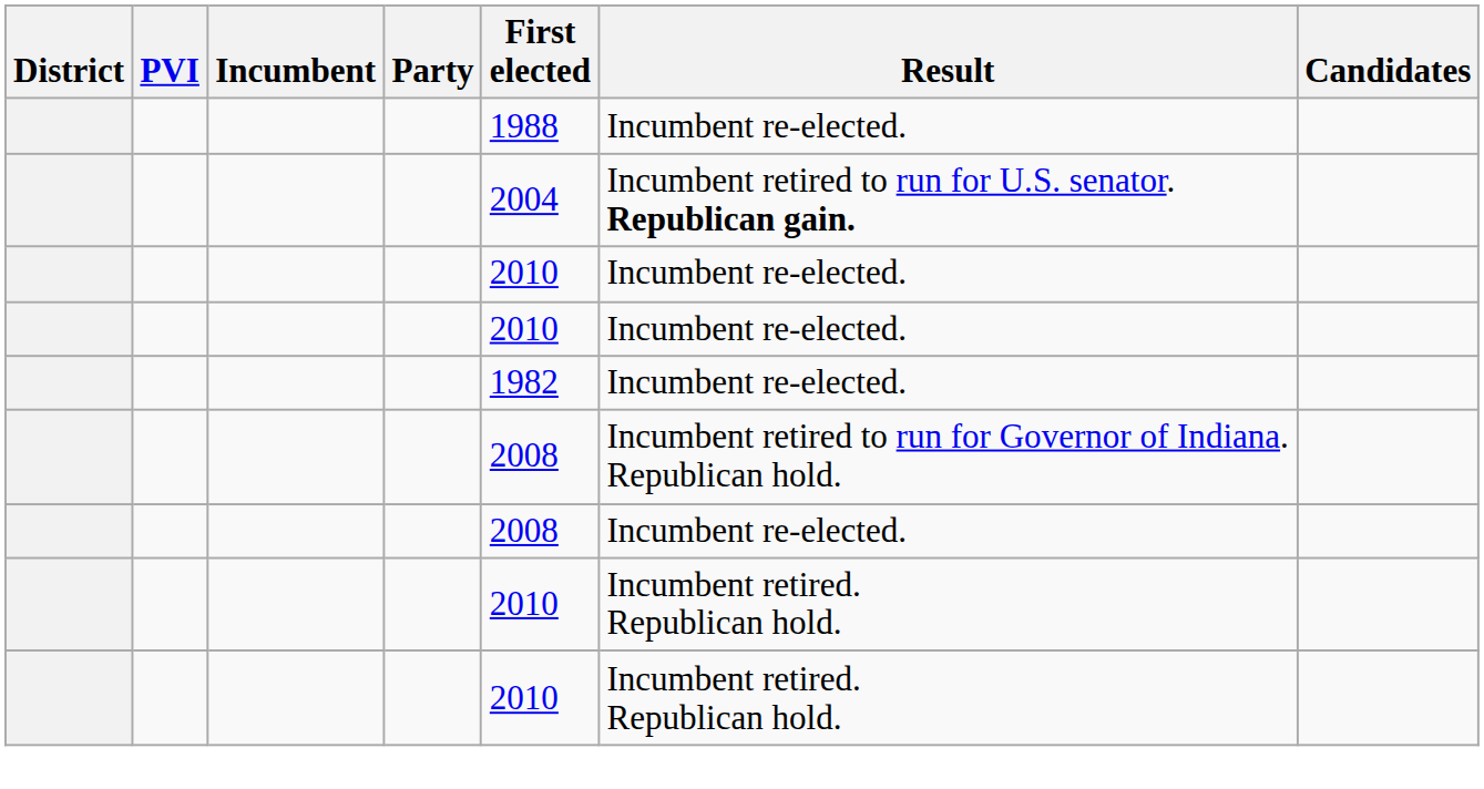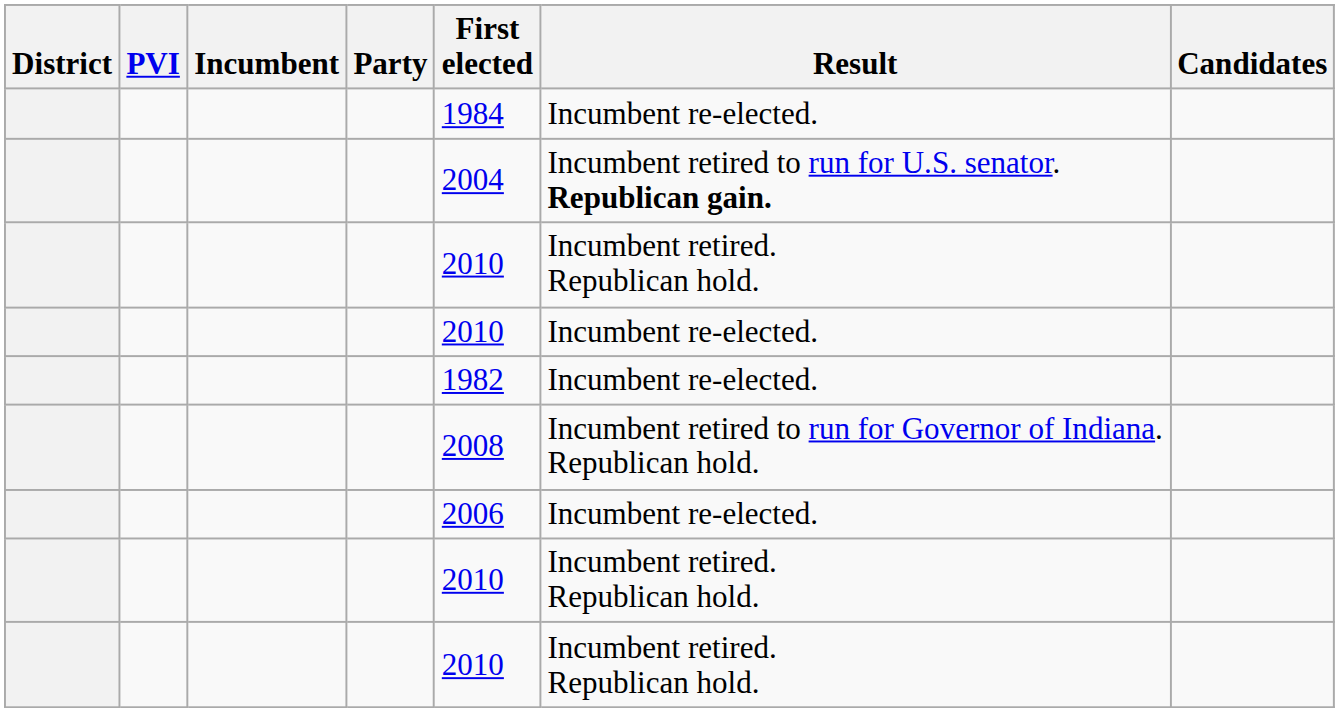 <table class="wikitable sortable">
 <tr valign=bottom>
 <th>District</th>
 <th><a href='#'>PVI</a></th>
 <th>Incumbent</th>
 <th>Party</th>
 <th>First<br>elected</th>
 <th>Result</th>
 <th>Candidates</th>
 </tr>
 <tr>
 <th></th>
 <td></td>
 <td></td>
 <td></td>
-<td><a href='#'>1988</a></td>
+<td><a href='#'>1984</a></td>
 <td>Incumbent re-elected.</td>
 <td nowrap></td>
 </tr>
 <tr>
 <th></th>
 <td></td>
 <td></td>
 <td></td>
 <td><a href='#'>2004</a></td>
 <td>Incumbent retired to <a href='#'>run for U.S. senator</a>.<br><strong>Republican gain.</strong></td>
 <td nowrap></td>
 </tr>
 <tr>
 <th></th>
 <td></td>
 <td></td>
 <td></td>
 <td><a href='#'>2010</a></td>
-<td>Incumbent re-elected.</td>
+<td>Incumbent retired.<br>Republican hold.</td>
 <td nowrap></td>
 </tr>
 <tr>
 <th></th>
 <td></td>
 <td></td>
 <td></td>
 <td><a href='#'>2010</a></td>
 <td>Incumbent re-elected.</td>
 <td nowrap></td>
 </tr>
 <tr>
 <th></th>
 <td></td>
 <td></td>
 <td></td>
 <td><a href='#'>1982</a></td>
 <td>Incumbent re-elected.</td>
 <td nowrap></td>
 </tr>
 <tr>
 <th></th>
 <td></td>
 <td></td>
 <td></td>
 <td><a href='#'>2008</a></td>
 <td>Incumbent retired to <a href='#'>run for Governor of Indiana</a>.<br>Republican hold.</td>
 <td nowrap></td>
 </tr>
 <tr>
 <th></th>
 <td></td>
 <td></td>
 <td></td>
-<td><a href='#'>2008 </a></td>
+<td><a href='#'>2006 </a></td>
 <td>Incumbent re-elected.</td>
 <td nowrap></td>
 </tr>
 <tr>
 <th></th>
 <td></td>
 <td></td>
 <td></td>
 <td><a href='#'>2010</a></td>
 <td>Incumbent retired.<br>Republican hold.</td>
 <td nowrap></td>
 </tr>
 <tr>
 <th></th>
 <td></td>
 <td></td>
 <td></td>
 <td><a href='#'>2010</a></td>
 <td>Incumbent retired.<br>Republican hold.</td>
 <td nowrap></td>
 </tr>
 </table>
